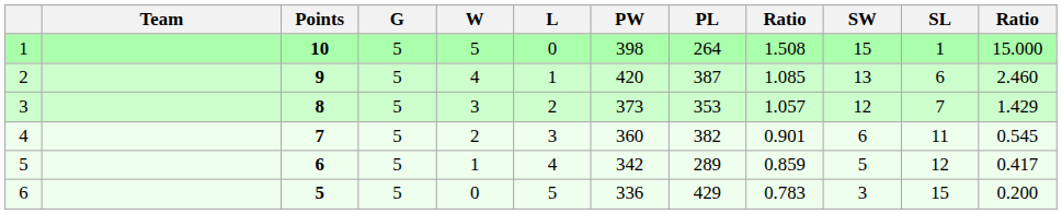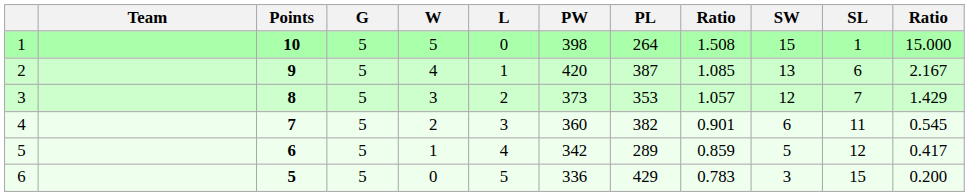 <table class=wikitable style="text-align:center">
 <tr style="background: #DCDCDC">
 <th width="25"></th>
 <th width="200">Team</th>
 <th width="60">Points</th>
 <th width="60">G</th>
 <th width="60">W</th>
 <th width="60">L</th>
 <th width="60">PW</th>
 <th width="60">PL</th>
 <th width="60">Ratio</th>
 <th width="60">SW</th>
 <th width="60">SL</th>
 <th width="60">Ratio</th>
 </tr>
 <tr style="background: #aaffaa">
 <td>1</td>
 <td align=left></td>
 <td><strong>10</strong></td>
 <td>5</td>
 <td>5</td>
 <td>0</td>
 <td>398</td>
 <td>264</td>
 <td>1.508</td>
 <td>15</td>
 <td>1</td>
 <td>15.000</td>
 </tr>
 <tr style="background: #ccffcc">
 <td>2</td>
 <td align=left></td>
 <td><strong>9</strong></td>
 <td>5</td>
 <td>4</td>
 <td>1</td>
 <td>420</td>
 <td>387</td>
 <td>1.085</td>
 <td>13</td>
 <td>6</td>
-<td>2.460</td>
+<td>2.167</td>
 </tr>
 <tr style="background: #ccffcc">
 <td>3</td>
 <td align=left></td>
 <td><strong>8</strong></td>
 <td>5</td>
 <td>3</td>
 <td>2</td>
 <td>373</td>
 <td>353</td>
 <td>1.057</td>
 <td>12</td>
 <td>7</td>
 <td>1.429</td>
 </tr>
 <tr style="background: #eeffee">
 <td>4</td>
 <td align=left></td>
 <td><strong>7</strong></td>
 <td>5</td>
 <td>2</td>
 <td>3</td>
 <td>360</td>
 <td>382</td>
 <td>0.901</td>
 <td>6</td>
 <td>11</td>
 <td>0.545</td>
 </tr>
 <tr style="background: #eeffee">
 <td>5</td>
 <td align=left></td>
 <td><strong>6</strong></td>
 <td>5</td>
 <td>1</td>
 <td>4</td>
 <td>342</td>
 <td>289</td>
 <td>0.859</td>
 <td>5</td>
 <td>12</td>
 <td>0.417</td>
 </tr>
 <tr style="background: #eeffee">
 <td>6</td>
 <td align=left></td>
 <td><strong>5</strong></td>
 <td>5</td>
 <td>0</td>
 <td>5</td>
 <td>336</td>
 <td>429</td>
 <td>0.783</td>
 <td>3</td>
 <td>15</td>
 <td>0.200</td>
 </tr>
 </table>
